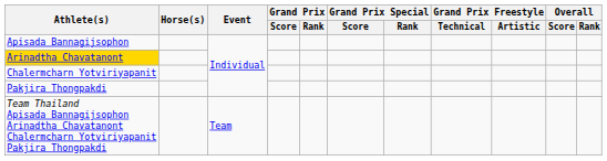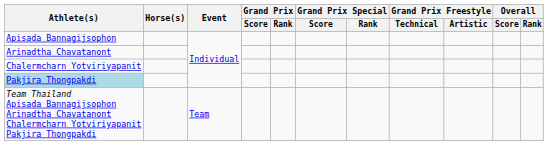 <table class=wikitable style="font-size:90%">
 <tr>
 <th rowspan="2">Athlete(s)</th>
 <th rowspan="2">Horse(s)</th>
 <th rowspan="2">Event</th>
 <th colspan="2">Grand Prix</th>
 <th colspan="2">Grand Prix Special</th>
 <th colspan="2">Grand Prix Freestyle</th>
 <th colspan="2">Overall</th>
 </tr>
 <tr style="font-size:95%">
 <th>Score</th>
 <th>Rank</th>
 <th>Score</th>
 <th>Rank</th>
 <th>Technical</th>
 <th>Artistic</th>
 <th>Score</th>
 <th>Rank</th>
 </tr>
 <tr align=center>
 <td align=left><a href='#'>Apisada Bannagijsophon</a></td>
 <td></td>
 <td rowspan=4 align=left><a href='#'>Individual</a></td>
 <td></td>
 <td></td>
 <td></td>
 <td></td>
 <td></td>
 <td></td>
 <td></td>
 <td></td>
 </tr>
 <tr align=center>
-<td align=left style="background: gold;"><a href='#'>Arinadtha Chavatanont</a></td>
+<td align=left><a href='#'>Arinadtha Chavatanont</a></td>
 <td></td>
 <td></td>
 <td></td>
 <td></td>
 <td></td>
 <td></td>
 <td></td>
 <td></td>
 <td></td>
 </tr>
 <tr align=center>
 <td align=left><a href='#'>Chalermcharn Yotviriyapanit</a></td>
 <td></td>
 <td></td>
 <td></td>
 <td></td>
 <td></td>
 <td></td>
 <td></td>
 <td></td>
 <td></td>
 </tr>
 <tr align=center>
-<td align=left><a href='#'>Pakjira Thongpakdi</a></td>
+<td align=left style="background: lightblue;"><a href='#'>Pakjira Thongpakdi</a></td>
 <td></td>
 <td></td>
 <td></td>
 <td></td>
 <td></td>
 <td></td>
 <td></td>
 <td></td>
 <td></td>
 </tr>
 <tr align=center>
 <td align=left><em>Team Thailand</em><br><a href='#'>Apisada Bannagijsophon</a><br><a href='#'>Arinadtha Chavatanont</a><br><a href='#'>Chalermcharn Yotviriyapanit</a><br><a href='#'>Pakjira Thongpakdi</a></td>
 <td></td>
 <td align=left><a href='#'>Team</a></td>
 <td></td>
 <td></td>
 <td></td>
 <td></td>
 <td></td>
 <td></td>
 <td></td>
 <td></td>
 </tr>
 </table>
